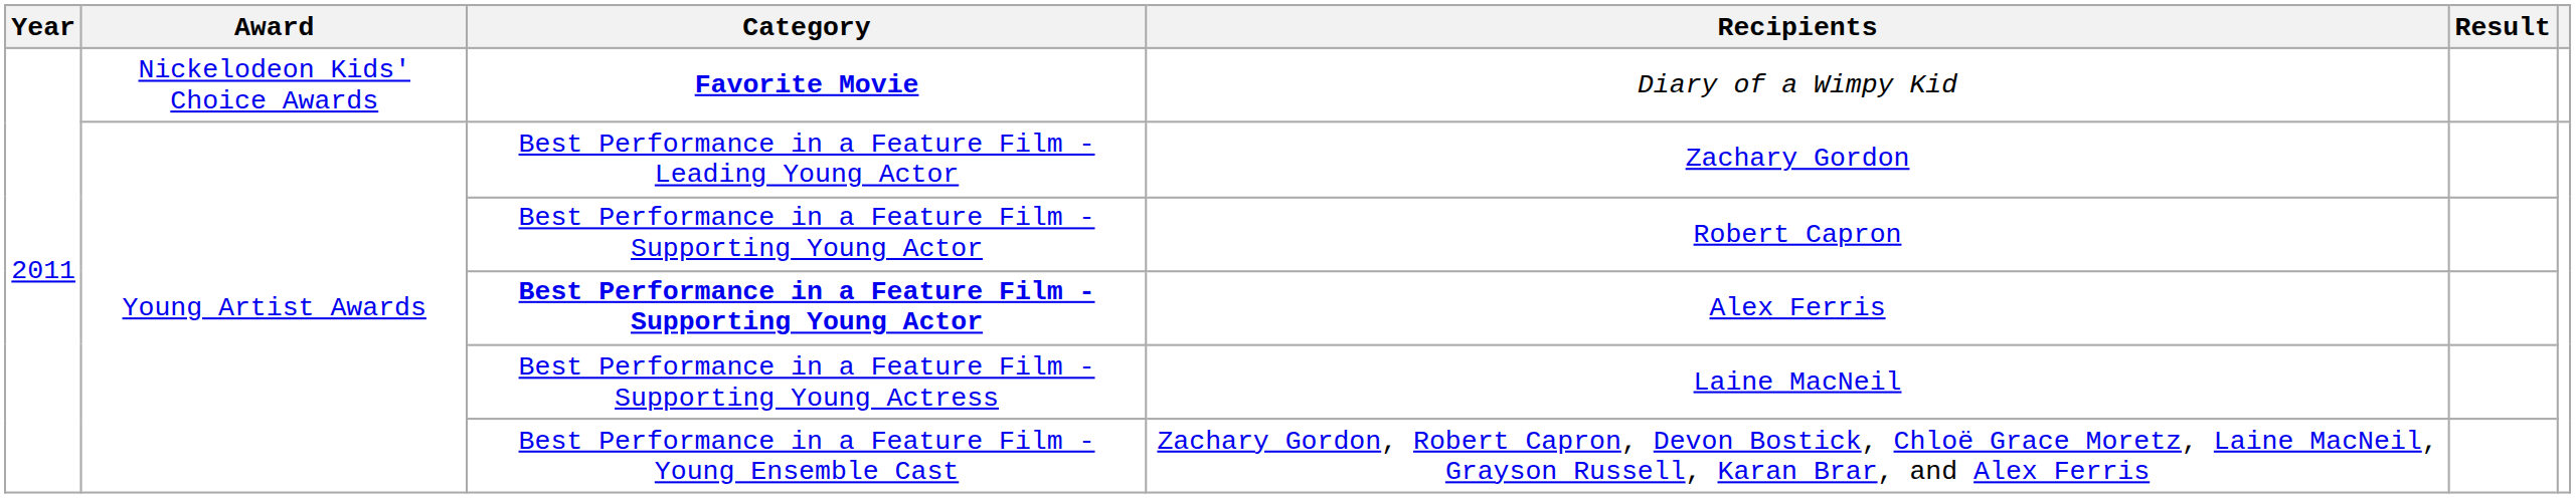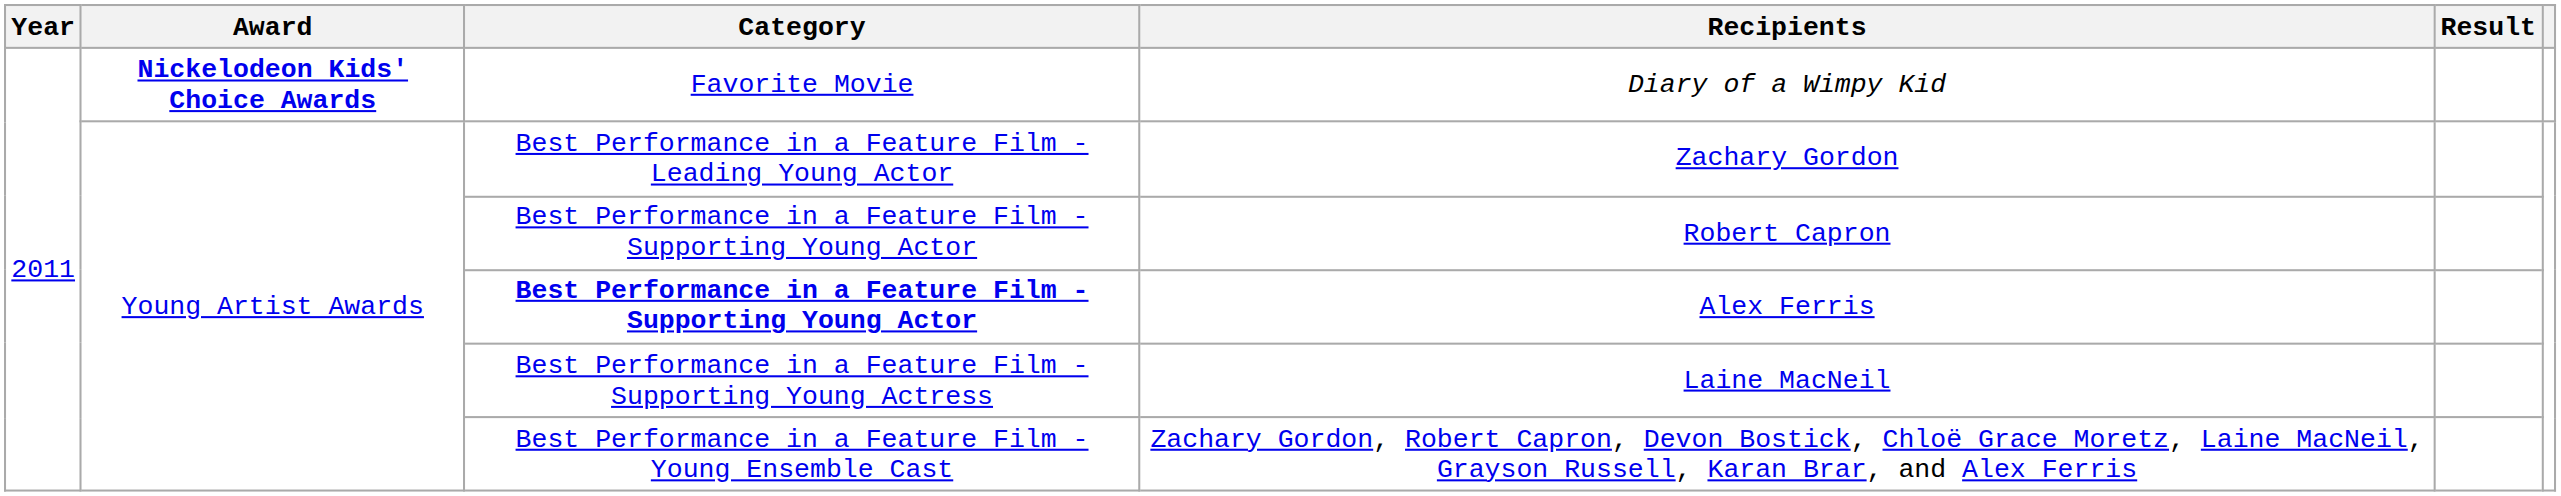 <table class="wikitable" rowspan=6; style="text-align: center; background:#ffffff;">
 <tr>
 <th>Year</th>
 <th>Award</th>
 <th>Category</th>
 <th>Recipients</th>
 <th>Result</th>
 <th></th>
 </tr>
 <tr>
 <td rowspan="6"><a href='#'>2011</a></td>
-<td><a href='#'>Nickelodeon Kids' Choice Awards</a></td>
-<td><strong><a href='#'>Favorite Movie</a></strong></td>
+<td><strong><a href='#'>Nickelodeon Kids' Choice Awards</a></strong></td>
+<td><a href='#'>Favorite Movie</a></td>
 <td><em>Diary of a Wimpy Kid</em></td>
 <td></td>
 <td></td>
 </tr>
 <tr>
 <td rowspan=5><a href='#'>Young Artist Awards</a></td>
 <td><a href='#'>Best Performance in a Feature Film - Leading Young Actor</a></td>
 <td><a href='#'>Zachary Gordon</a></td>
 <td></td>
 <td rowspan=5></td>
 </tr>
 <tr>
 <td><a href='#'>Best Performance in a Feature Film - Supporting Young Actor</a></td>
 <td><a href='#'>Robert Capron</a></td>
 <td></td>
 </tr>
 <tr>
 <td><strong><a href='#'>Best Performance in a Feature Film - Supporting Young Actor</a></strong></td>
 <td><a href='#'>Alex Ferris</a></td>
 <td></td>
 </tr>
 <tr>
 <td><a href='#'>Best Performance in a Feature Film - Supporting Young Actress</a></td>
 <td><a href='#'>Laine MacNeil</a></td>
 <td></td>
 </tr>
 <tr>
 <td><a href='#'>Best Performance in a Feature Film - Young Ensemble Cast</a></td>
 <td><a href='#'>Zachary Gordon</a>, <a href='#'>Robert Capron</a>, <a href='#'>Devon Bostick</a>, <a href='#'>Chloë Grace Moretz</a>, <a href='#'>Laine MacNeil</a>, <a href='#'>Grayson Russell</a>, <a href='#'>Karan Brar</a>, and <a href='#'>Alex Ferris</a></td>
 <td></td>
 </tr>
 </table>
